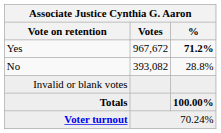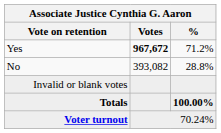 <table class="wikitable" style="font-size: 95%;">
 <tr style="background-color:#E9E9E9">
 <th colspan=7>Associate Justice Cynthia G. Aaron</th>
 </tr>
 <tr style="background-color:#E9E9E9">
 <th style="width: 170px">Vote on retention</th>
 <th style="width: 50px">Votes</th>
 <th style="width: 40px">%</th>
 </tr>
 <tr>
 <td>Yes</td>
-<td align="right">967,672</td>
-<td align="right"><strong>71.2%</strong></td>
+<td align="right"><strong>967,672</strong></td>
+<td align="right">71.2%</td>
 </tr>
 <tr>
 <td>No</td>
 <td align="right">393,082</td>
 <td align="right">28.8%</td>
 </tr>
 <tr bgcolor="#EEEEEE">
 <td align="right">Invalid or blank votes</td>
 <td align="right"></td>
 <td align="right"></td>
 </tr>
 <tr bgcolor="#EEEEEE">
 <td align="right"><strong>Totals</strong></td>
 <td align="right"><strong></strong></td>
 <td align="right"><strong>100.00%</strong></td>
 </tr>
 <tr bgcolor="#EEEEEE">
 <td align="right"><strong><a href='#'>Voter turnout</a></strong></td>
 <td colspan="2" align="right">70.24%</td>
 </tr>
 </table>
